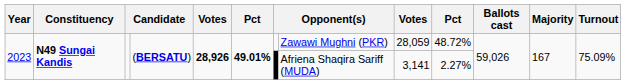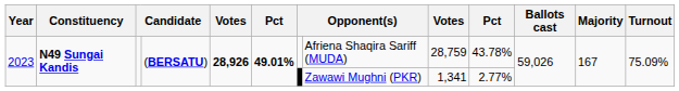 <table class="wikitable" style="margin:0.5em ; font-size:95%">
 <tr>
 <th>Year</th>
 <th>Constituency</th>
 <th colspan="2">Candidate</th>
 <th>Votes</th>
 <th>Pct</th>
 <th colspan="2">Opponent(s)</th>
 <th>Votes</th>
 <th>Pct</th>
 <th>Ballots cast</th>
 <th>Majority</th>
 <th>Turnout</th>
 </tr>
 <tr>
 <td rowspan=2><a href='#'>2023</a></td>
 <td rowspan=2><strong>N49 <a href='#'>Sungai Kandis</a></strong></td>
 <td rowspan=2></td>
 <td rowspan=2> (<a href='#'><strong>BERSATU</strong></a>)</td>
 <td rowspan=2 align=right><strong>28,926</strong></td>
 <td rowspan=2><strong>49.01%</strong></td>
 <td></td>
-<td><a href='#'>Zawawi Mughni</a> (<a href='#'>PKR</a>)</td>
-<td align=right>28,059</td>
-<td>48.72%</td>
+<td>Afriena Shaqira Sariff (<a href='#'>MUDA</a>)</td>
+<td align=right>28,759</td>
+<td>43.78%</td>
 <td rowspan=2>59,026</td>
 <td rowspan=2>167</td>
 <td rowspan=2>75.09%</td>
 </tr>
 <tr>
 <td bgcolor=black></td>
-<td>Afriena Shaqira Sariff (<a href='#'>MUDA</a>)</td>
-<td align=right>3,141</td>
-<td align=right>2.27%</td>
+<td><a href='#'>Zawawi Mughni</a> (<a href='#'>PKR</a>)</td>
+<td align=right>1,341</td>
+<td align=right>2.77%</td>
 </tr>
 </table>
